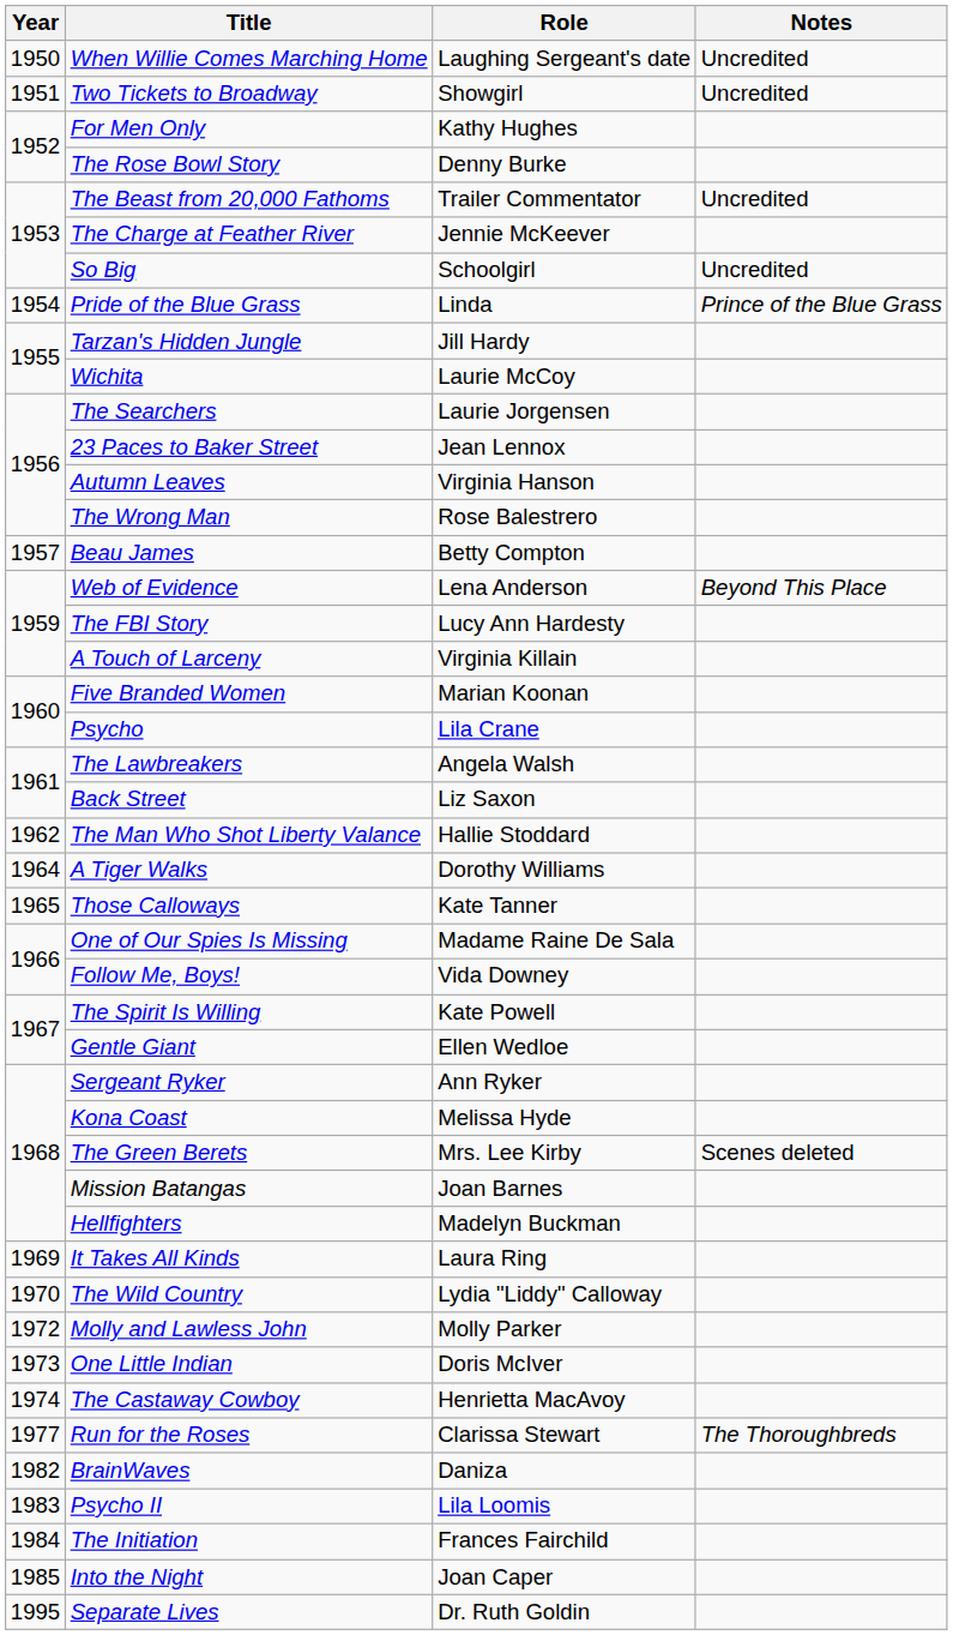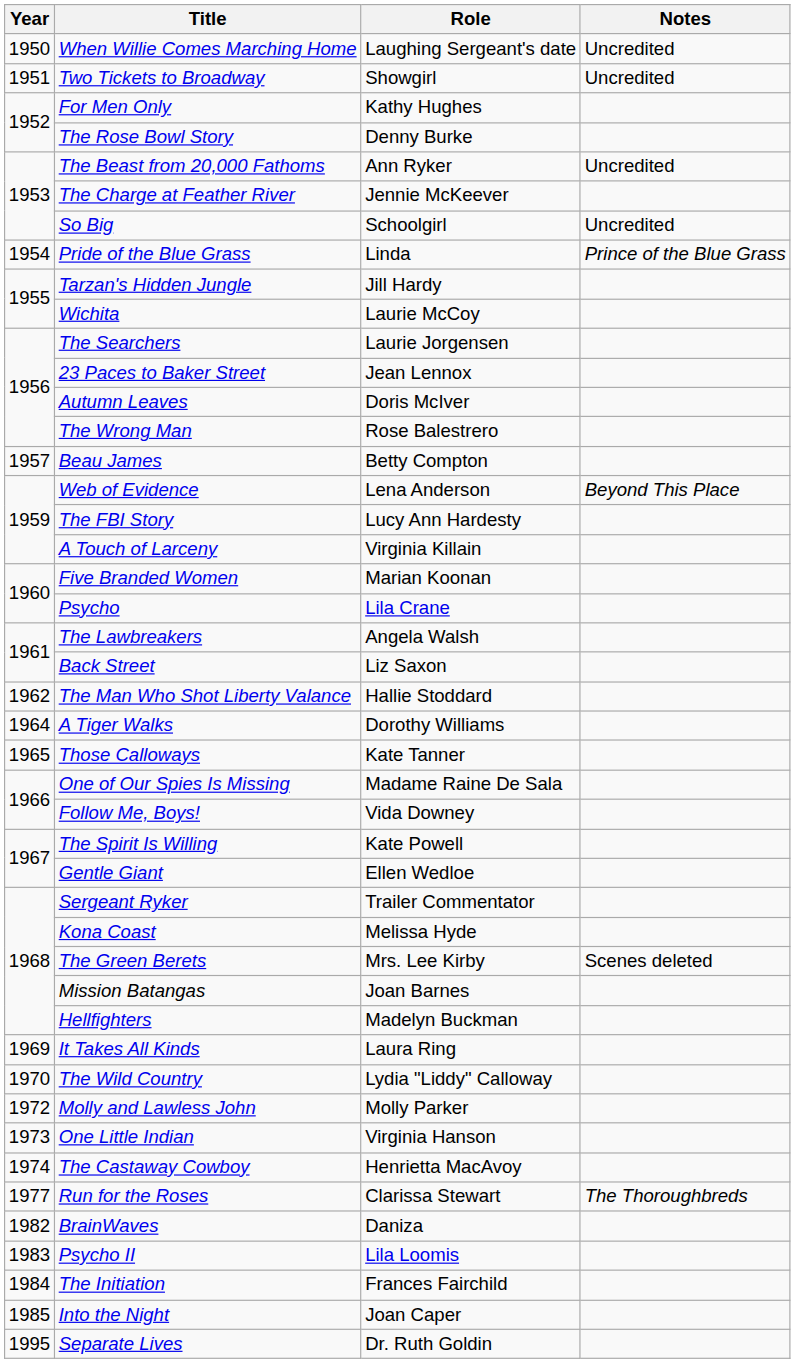 <table class="wikitable sortable">
 <tr>
 <th>Year</th>
 <th>Title</th>
 <th>Role</th>
 <th class="unsortable">Notes</th>
 </tr>
 <tr>
 <td>1950</td>
 <td><em><a href='#'>When Willie Comes Marching Home</a></em></td>
 <td>Laughing Sergeant's date</td>
 <td>Uncredited</td>
 </tr>
 <tr>
 <td>1951</td>
 <td><em><a href='#'>Two Tickets to Broadway</a></em></td>
 <td>Showgirl</td>
 <td>Uncredited</td>
 </tr>
 <tr>
 <td rowspan="2">1952</td>
 <td><em><a href='#'>For Men Only</a></em></td>
 <td>Kathy Hughes</td>
 <td></td>
 </tr>
 <tr>
 <td><em><a href='#'>The Rose Bowl Story</a></em></td>
 <td>Denny Burke</td>
 <td></td>
 </tr>
 <tr>
 <td rowspan="3">1953</td>
 <td><em><a href='#'>The Beast from 20,000 Fathoms</a></em></td>
-<td>Trailer Commentator</td>
+<td>Ann Ryker</td>
 <td>Uncredited</td>
 </tr>
 <tr>
 <td><em><a href='#'>The Charge at Feather River</a></em></td>
 <td>Jennie McKeever</td>
 <td></td>
 </tr>
 <tr>
 <td><em><a href='#'>So Big</a></em></td>
 <td>Schoolgirl</td>
 <td>Uncredited</td>
 </tr>
 <tr>
 <td>1954</td>
 <td><em><a href='#'>Pride of the Blue Grass</a></em></td>
 <td>Linda</td>
 <td> <em>Prince of the Blue Grass</em></td>
 </tr>
 <tr>
 <td rowspan="2">1955</td>
 <td><em><a href='#'>Tarzan's Hidden Jungle</a></em></td>
 <td>Jill Hardy</td>
 <td></td>
 </tr>
 <tr>
 <td><em><a href='#'>Wichita</a></em></td>
 <td>Laurie McCoy</td>
 <td></td>
 </tr>
 <tr>
 <td rowspan="4">1956</td>
 <td><em><a href='#'>The Searchers</a></em></td>
 <td>Laurie Jorgensen</td>
 <td></td>
 </tr>
 <tr>
 <td><em><a href='#'>23 Paces to Baker Street</a></em></td>
 <td>Jean Lennox</td>
 <td></td>
 </tr>
 <tr>
 <td><em><a href='#'>Autumn Leaves</a></em></td>
-<td>Virginia Hanson</td>
+<td>Doris McIver</td>
 <td></td>
 </tr>
 <tr>
 <td><em><a href='#'>The Wrong Man</a></em></td>
 <td>Rose Balestrero</td>
 <td></td>
 </tr>
 <tr>
 <td>1957</td>
 <td><em><a href='#'>Beau James</a></em></td>
 <td>Betty Compton</td>
 <td></td>
 </tr>
 <tr>
 <td rowspan="3">1959</td>
 <td><em><a href='#'>Web of Evidence</a></em></td>
 <td>Lena Anderson</td>
 <td> <em>Beyond This Place</em></td>
 </tr>
 <tr>
 <td><em><a href='#'>The FBI Story</a></em></td>
 <td>Lucy Ann Hardesty</td>
 <td></td>
 </tr>
 <tr>
 <td><em><a href='#'>A Touch of Larceny</a></em></td>
 <td>Virginia Killain</td>
 <td></td>
 </tr>
 <tr>
 <td rowspan="2">1960</td>
 <td><em><a href='#'>Five Branded Women</a></em></td>
 <td>Marian Koonan</td>
 <td></td>
 </tr>
 <tr>
 <td><em><a href='#'>Psycho</a></em></td>
 <td><a href='#'>Lila Crane</a></td>
 <td></td>
 </tr>
 <tr>
 <td rowspan="2">1961</td>
 <td><em><a href='#'>The Lawbreakers</a></em></td>
 <td>Angela Walsh</td>
 <td></td>
 </tr>
 <tr>
 <td><em><a href='#'>Back Street</a></em></td>
 <td>Liz Saxon</td>
 <td></td>
 </tr>
 <tr>
 <td>1962</td>
 <td><em><a href='#'>The Man Who Shot Liberty Valance</a></em></td>
 <td>Hallie Stoddard</td>
 <td></td>
 </tr>
 <tr>
 <td>1964</td>
 <td><em><a href='#'>A Tiger Walks</a></em></td>
 <td>Dorothy Williams</td>
 <td></td>
 </tr>
 <tr>
 <td>1965</td>
 <td><em><a href='#'>Those Calloways</a></em></td>
 <td>Kate Tanner</td>
 <td></td>
 </tr>
 <tr>
 <td rowspan="2">1966</td>
 <td><em><a href='#'>One of Our Spies Is Missing</a></em></td>
 <td>Madame Raine De Sala</td>
 <td></td>
 </tr>
 <tr>
 <td><em><a href='#'>Follow Me, Boys!</a></em></td>
 <td>Vida Downey</td>
 <td></td>
 </tr>
 <tr>
 <td rowspan="2">1967</td>
 <td><em><a href='#'>The Spirit Is Willing</a></em></td>
 <td>Kate Powell</td>
 <td></td>
 </tr>
 <tr>
 <td><em><a href='#'>Gentle Giant</a></em></td>
 <td>Ellen Wedloe</td>
 <td></td>
 </tr>
 <tr>
 <td rowspan="5">1968</td>
 <td><em><a href='#'>Sergeant Ryker</a></em></td>
-<td>Ann Ryker</td>
+<td>Trailer Commentator</td>
 <td></td>
 </tr>
 <tr>
 <td><em><a href='#'>Kona Coast</a></em></td>
 <td>Melissa Hyde</td>
 <td></td>
 </tr>
 <tr>
 <td><em><a href='#'>The Green Berets</a></em></td>
 <td>Mrs. Lee Kirby</td>
 <td>Scenes deleted</td>
 </tr>
 <tr>
 <td><em>Mission Batangas</em></td>
 <td>Joan Barnes</td>
 <td></td>
 </tr>
 <tr>
 <td><em><a href='#'>Hellfighters</a></em></td>
 <td>Madelyn Buckman</td>
 <td></td>
 </tr>
 <tr>
 <td>1969</td>
 <td><em><a href='#'>It Takes All Kinds</a></em></td>
 <td>Laura Ring</td>
 <td></td>
 </tr>
 <tr>
 <td>1970</td>
 <td><em><a href='#'>The Wild Country</a></em></td>
 <td>Lydia "Liddy" Calloway</td>
 <td></td>
 </tr>
 <tr>
 <td>1972</td>
 <td><em><a href='#'>Molly and Lawless John</a></em></td>
 <td>Molly Parker</td>
 <td></td>
 </tr>
 <tr>
 <td>1973</td>
 <td><em><a href='#'>One Little Indian</a></em></td>
-<td>Doris McIver</td>
+<td>Virginia Hanson</td>
 <td></td>
 </tr>
 <tr>
 <td>1974</td>
 <td><em><a href='#'>The Castaway Cowboy</a></em></td>
 <td>Henrietta MacAvoy</td>
 <td></td>
 </tr>
 <tr>
 <td>1977</td>
 <td><em><a href='#'>Run for the Roses</a></em></td>
 <td>Clarissa Stewart</td>
 <td> <em>The Thoroughbreds</em></td>
 </tr>
 <tr>
 <td>1982</td>
 <td><em><a href='#'>BrainWaves</a></em></td>
 <td>Daniza</td>
 <td></td>
 </tr>
 <tr>
 <td>1983</td>
 <td><em><a href='#'>Psycho II</a></em></td>
 <td><a href='#'>Lila Loomis</a></td>
 <td></td>
 </tr>
 <tr>
 <td>1984</td>
 <td><em><a href='#'>The Initiation</a></em></td>
 <td>Frances Fairchild</td>
 <td></td>
 </tr>
 <tr>
 <td>1985</td>
 <td><em><a href='#'>Into the Night</a></em></td>
 <td>Joan Caper</td>
 <td></td>
 </tr>
 <tr>
 <td>1995</td>
 <td><em><a href='#'>Separate Lives</a></em></td>
 <td>Dr. Ruth Goldin</td>
 <td></td>
 </tr>
 </table>
